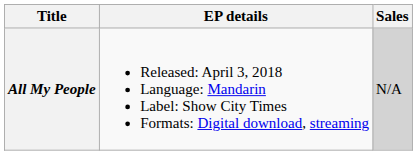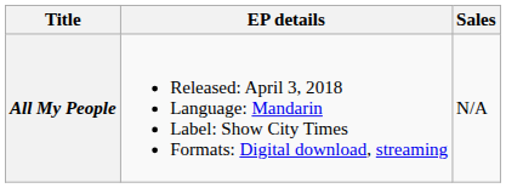 <table class="wikitable">
 <tr>
 <th>Title</th>
 <th>EP details</th>
 <th>Sales</th>
 </tr>
 <tr>
 <th><em>All My People</em></th>
 <td><br><ul><li>Released: April 3, 2018</li><li>Language: <a href='#'>Mandarin</a></li><li>Label: Show City Times</li><li>Formats: <a href='#'>Digital download</a>, <a href='#'>streaming</a></li></ul></td>
-<td style="background: lightgrey;">N/A</td>
+<td>N/A</td>
 </tr>
 </table>
